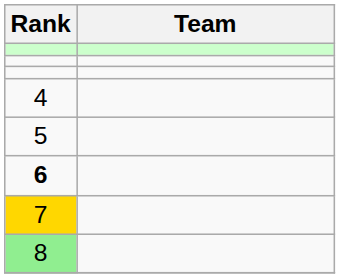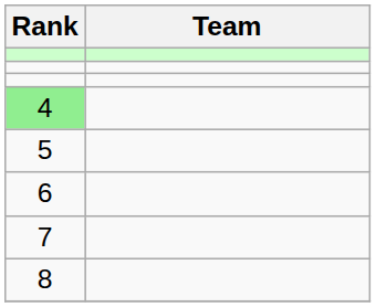 <table class="wikitable" style="text-align: center; ">
 <tr>
 <th width=35>Rank</th>
 <th width=160>Team</th>
 </tr>
 <tr bgcolor=#ccffcc>
 <td></td>
 <td align="left"></td>
 </tr>
 <tr>
 <td></td>
 <td align="left"></td>
 </tr>
 <tr>
 <td></td>
 <td align="left"></td>
 </tr>
 <tr>
-<td>4</td>
+<td style="background: lightgreen;">4</td>
 <td align="left"></td>
 </tr>
 <tr>
 <td>5</td>
 <td align="left"></td>
 </tr>
 <tr>
-<td><strong>6</strong></td>
+<td>6</td>
 <td align="left"></td>
 </tr>
 <tr>
-<td style="background: gold;">7</td>
+<td>7</td>
 <td align="left"></td>
 </tr>
 <tr>
-<td style="background: lightgreen;">8</td>
+<td>8</td>
 <td align="left"></td>
 </tr>
 <tr>
 </tr>
 </table>
